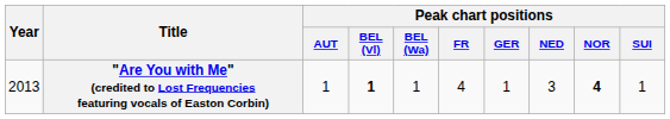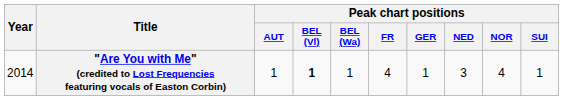 <table class="wikitable plainrowheaders" style="text-align:center;">
 <tr>
 <th rowspan="2">Year</th>
 <th rowspan="2" style="width:18em;">Title</th>
 <th colspan="8">Peak chart positions</th>
 </tr>
 <tr style="font-size:smaller;">
 <th width="45"><a href='#'>AUT</a><br></th>
 <th width="45"><a href='#'>BEL<br>(Vl)</a><br></th>
 <th width="45"><a href='#'>BEL<br>(Wa)</a><br></th>
 <th width="45"><a href='#'>FR</a><br></th>
 <th width="45"><a href='#'>GER</a><br></th>
 <th width="45"><a href='#'>NED</a><br></th>
 <th width="45"><a href='#'>NOR</a><br></th>
 <th width="45"><a href='#'>SUI</a><br></th>
 </tr>
 <tr>
-<td>2013</td>
+<td>2014</td>
 <th scope="row">"<a href='#'>Are You with Me</a>"<br><small>(credited to <a href='#'>Lost Frequencies</a><br>featuring vocals of Easton Corbin)</small></th>
 <td>1</td>
 <td><strong>1</strong></td>
 <td>1</td>
 <td>4</td>
 <td>1</td>
 <td>3</td>
-<td><strong>4</strong></td>
+<td>4</td>
 <td>1</td>
 </tr>
 </table>
